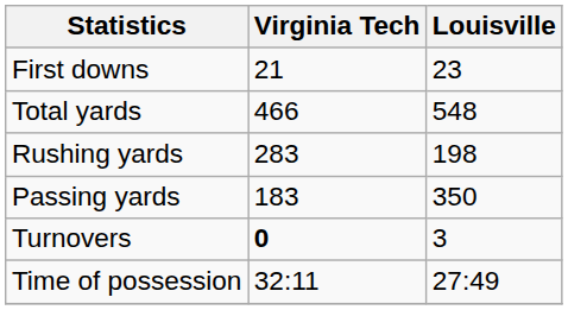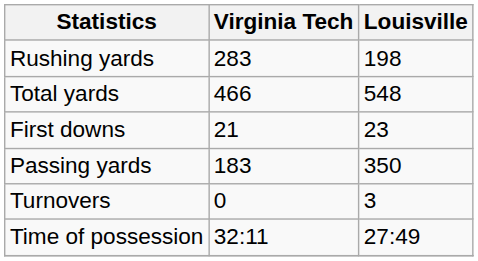 <table class="wikitable">
 <tr>
 <th>Statistics</th>
 <th>Virginia Tech</th>
 <th>Louisville</th>
 </tr>
 <tr>
-<td>First downs</td>
-<td>21</td>
-<td>23</td>
+<td>Rushing yards</td>
+<td>283</td>
+<td>198</td>
 </tr>
 <tr>
 <td>Total yards</td>
 <td>466</td>
 <td>548</td>
 </tr>
 <tr>
-<td>Rushing yards</td>
-<td>283</td>
-<td>198</td>
+<td>First downs</td>
+<td>21</td>
+<td>23</td>
 </tr>
 <tr>
 <td>Passing yards</td>
 <td>183</td>
 <td>350</td>
 </tr>
 <tr>
 <td>Turnovers</td>
-<td><strong>0</strong></td>
+<td>0</td>
 <td>3</td>
 </tr>
 <tr>
 <td>Time of possession</td>
 <td>32:11</td>
 <td>27:49</td>
 </tr>
 <tr>
 </tr>
 </table>
